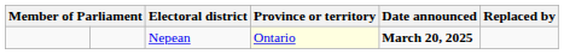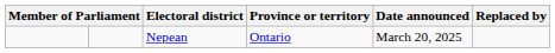 <table class="wikitable sortable">
 <tr>
 <th colspan="2">Member of Parliament</th>
 <th>Electoral district</th>
 <th>Province or territory</th>
 <th>Date announced</th>
 <th>Replaced by</th>
 </tr>
 <tr>
 <td> </td>
 <td></td>
 <td><a href='#'>Nepean</a></td>
-<td style="background: lightyellow;"><a href='#'>Ontario</a></td>
-<td><strong>March 20, 2025</strong></td>
+<td><a href='#'>Ontario</a></td>
+<td>March 20, 2025</td>
 <td></td>
 </tr>
 </table>
